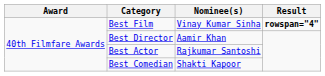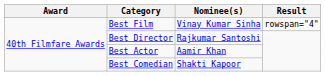 <table class="wikitable">
 <tr>
 <th>Award</th>
 <th>Category</th>
 <th>Nominee(s)</th>
 <th>Result</th>
 </tr>
 <tr>
 <td rowspan=4><a href='#'>40th Filmfare Awards</a></td>
 <td><a href='#'>Best Film</a></td>
 <td><a href='#'>Vinay Kumar Sinha</a></td>
-<td><strong>rowspan="4"</strong></td>
+<td>rowspan="4"</td>
 </tr>
 <tr>
 <td><a href='#'>Best Director</a></td>
-<td><a href='#'>Aamir Khan</a></td>
+<td><a href='#'>Rajkumar Santoshi</a></td>
 </tr>
 <tr>
 <td><a href='#'>Best Actor</a></td>
-<td><a href='#'>Rajkumar Santoshi</a></td>
+<td><a href='#'>Aamir Khan</a></td>
 </tr>
 <tr>
 <td><a href='#'>Best Comedian</a></td>
 <td><a href='#'>Shakti Kapoor</a></td>
 </tr>
 </table>
